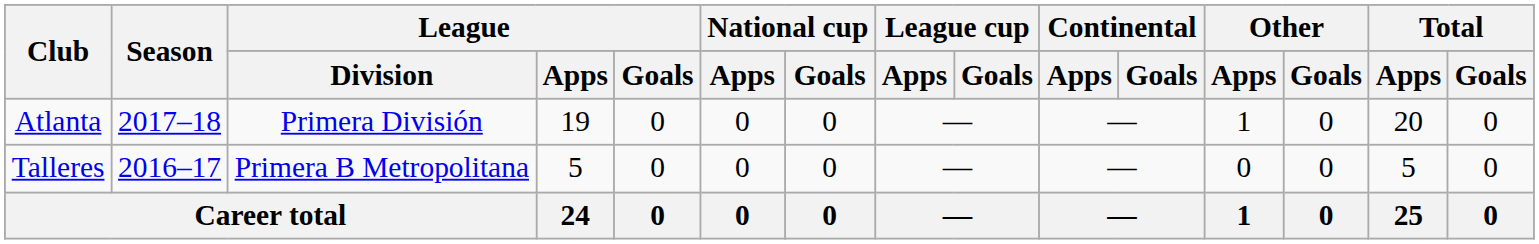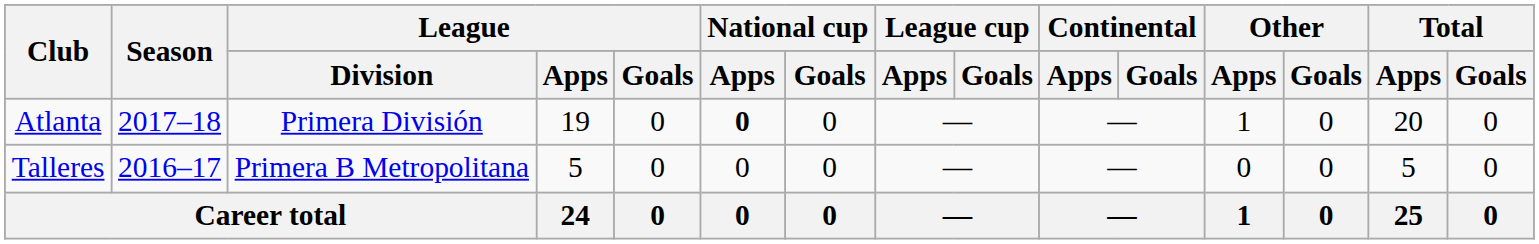 <table class="wikitable" style="text-align:center">
 <tr>
 <th rowspan="2">Club</th>
 <th rowspan="2">Season</th>
 <th colspan="3">League</th>
 <th colspan="2">National cup</th>
 <th colspan="2">League cup</th>
 <th colspan="2">Continental</th>
 <th colspan="2">Other</th>
 <th colspan="2">Total</th>
 </tr>
 <tr>
 <th>Division</th>
 <th>Apps</th>
 <th>Goals</th>
 <th>Apps</th>
 <th>Goals</th>
 <th>Apps</th>
 <th>Goals</th>
 <th>Apps</th>
 <th>Goals</th>
 <th>Apps</th>
 <th>Goals</th>
 <th>Apps</th>
 <th>Goals</th>
 </tr>
 <tr>
 <td><a href='#'>Atlanta</a></td>
 <td><a href='#'>2017–18</a></td>
 <td><a href='#'>Primera División</a></td>
 <td>19</td>
 <td>0</td>
-<td>0</td>
+<td><strong>0</strong></td>
 <td>0</td>
 <td colspan="2">—</td>
 <td colspan="2">—</td>
 <td>1</td>
 <td>0</td>
 <td>20</td>
 <td>0</td>
 </tr>
 <tr>
 <td><a href='#'>Talleres</a></td>
 <td><a href='#'>2016–17</a></td>
 <td><a href='#'>Primera B Metropolitana</a></td>
 <td>5</td>
 <td>0</td>
 <td>0</td>
 <td>0</td>
 <td colspan="2">—</td>
 <td colspan="2">—</td>
 <td>0</td>
 <td>0</td>
 <td>5</td>
 <td>0</td>
 </tr>
 <tr>
 <th colspan="3">Career total</th>
 <th>24</th>
 <th>0</th>
 <th>0</th>
 <th>0</th>
 <th colspan="2">—</th>
 <th colspan="2">—</th>
 <th>1</th>
 <th>0</th>
 <th>25</th>
 <th>0</th>
 </tr>
 </table>
